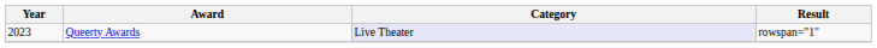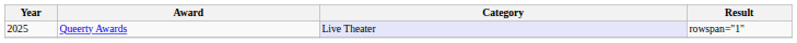 <table class="wikitable" width="95%">
 <tr>
 <th width="5%">Year</th>
 <th width="25%">Award</th>
 <th width="35%">Category</th>
 <th width="10%">Result</th>
 </tr>
 <tr>
-<td>2023</td>
+<td>2025</td>
 <td><a href='#'>Queerty Awards</a></td>
 <td style="background: lavender;">Live Theater</td>
 <td>rowspan="1" </td>
 </tr>
 <tr>
 </tr>
 </table>
